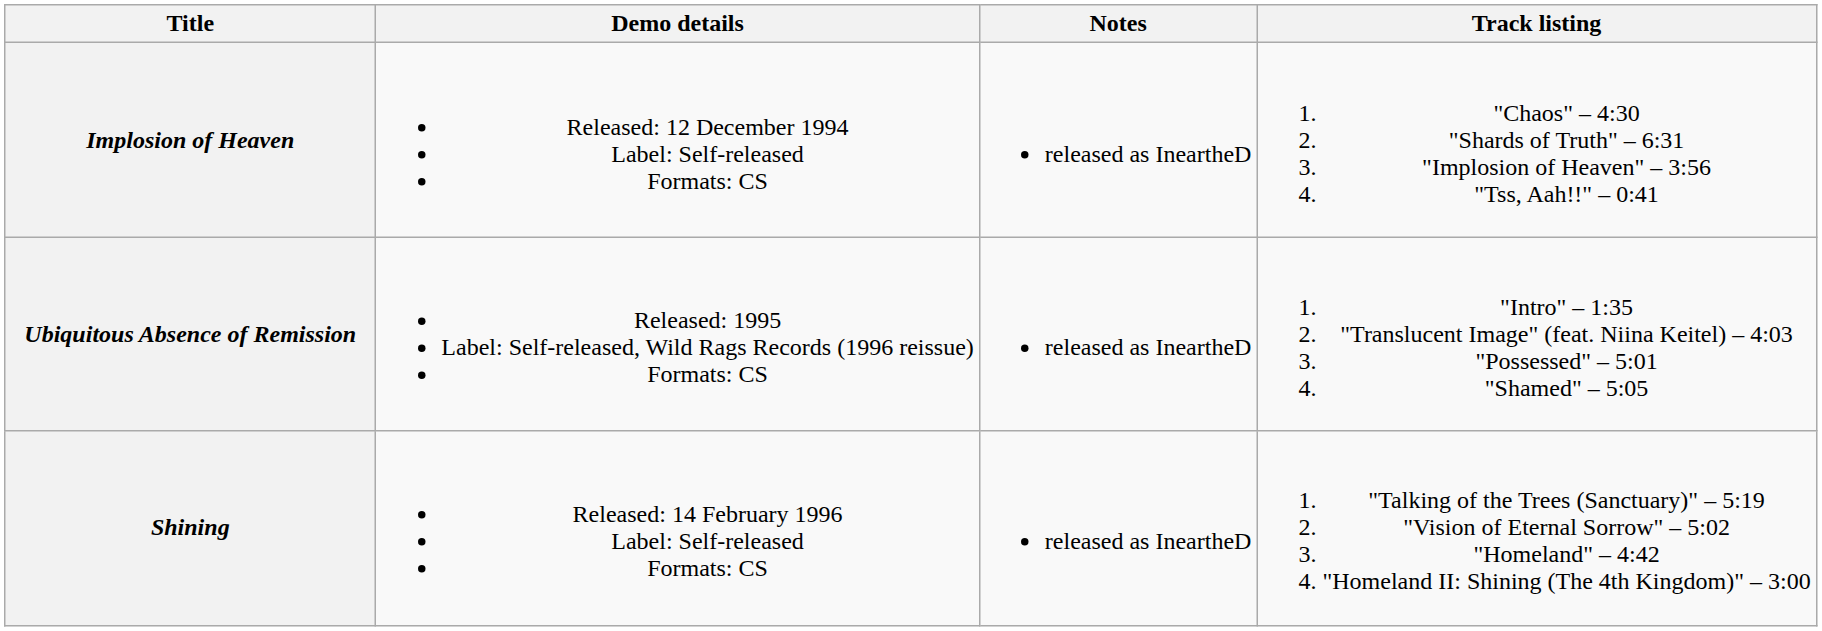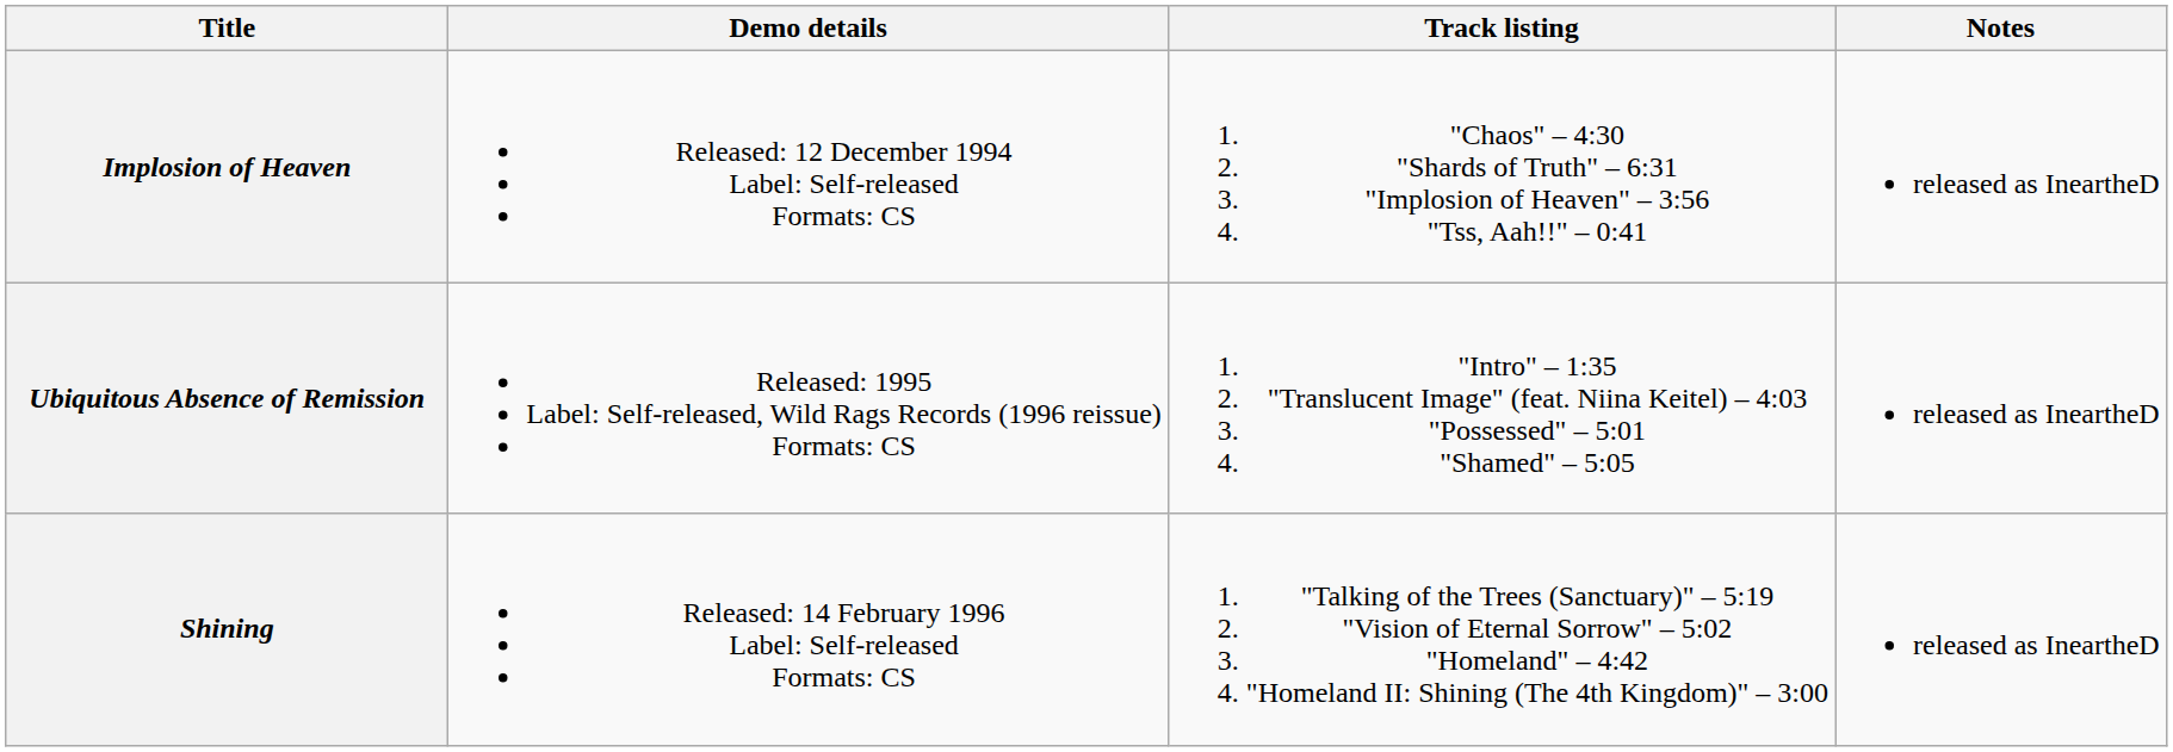 <table class="wikitable plainrowheaders" style="text-align:center;">
 <tr>
 <th scope="col" style="width:15em;">Title</th>
 <th scope="col">Demo details</th>
+<th scope="col">Track listing</th>
 <th scope="col">Notes</th>
-<th scope="col">Track listing</th>
 </tr>
 <tr>
 <th scope="row"><em>Implosion of Heaven</em></th>
 <td><br><ul><li>Released: 12 December 1994</li><li>Label: Self-released</li><li>Formats: CS</li></ul></td>
+<td><br><ol><li>"Chaos" – 4:30</li><li>"Shards of Truth" – 6:31</li><li>"Implosion of Heaven" – 3:56</li><li>"Tss, Aah!!" – 0:41</li></ol></td>
 <td><br><ul><li>released as IneartheD</li></ul></td>
-<td><br><ol><li>"Chaos" – 4:30</li><li>"Shards of Truth" – 6:31</li><li>"Implosion of Heaven" – 3:56</li><li>"Tss, Aah!!" – 0:41</li></ol></td>
 </tr>
 <tr>
 <th scope="row"><em>Ubiquitous Absence of Remission</em></th>
 <td><br><ul><li>Released: 1995</li><li>Label: Self-released,	Wild Rags Records (1996 reissue)</li><li>Formats: CS</li></ul></td>
+<td><br><ol><li>"Intro" – 1:35</li><li>"Translucent Image" (feat. Niina Keitel) – 4:03</li><li>"Possessed" – 5:01</li><li>"Shamed" – 5:05</li></ol></td>
 <td><br><ul><li>released as IneartheD</li></ul></td>
-<td><br><ol><li>"Intro" – 1:35</li><li>"Translucent Image" (feat. Niina Keitel) – 4:03</li><li>"Possessed" – 5:01</li><li>"Shamed" – 5:05</li></ol></td>
 </tr>
 <tr>
 <th scope="row"><em>Shining</em></th>
 <td><br><ul><li>Released: 14 February 1996</li><li>Label: Self-released</li><li>Formats: CS</li></ul></td>
+<td><br><ol><li>"Talking of the Trees (Sanctuary)" – 5:19</li><li>"Vision of Eternal Sorrow" – 5:02</li><li>"Homeland" – 4:42</li><li>"Homeland II: Shining (The 4th Kingdom)" – 3:00</li></ol></td>
 <td><br><ul><li>released as IneartheD</li></ul></td>
-<td><br><ol><li>"Talking of the Trees (Sanctuary)" – 5:19</li><li>"Vision of Eternal Sorrow" – 5:02</li><li>"Homeland" – 4:42</li><li>"Homeland II: Shining (The 4th Kingdom)" – 3:00</li></ol></td>
 </tr>
 </table>
